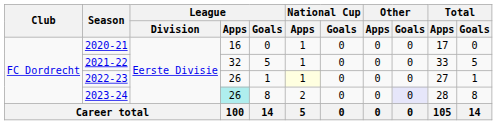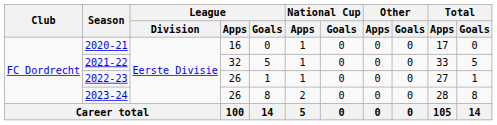 <table class=wikitable style="text-align: center">
 <tr>
 <th rowspan=2>Club</th>
 <th rowspan=2>Season</th>
 <th colspan=3>League</th>
 <th colspan=2>National Cup</th>
 <th colspan=2>Other</th>
 <th colspan=2>Total</th>
 </tr>
 <tr>
 <th>Division</th>
 <th>Apps</th>
 <th>Goals</th>
 <th>Apps</th>
 <th>Goals</th>
 <th>Apps</th>
 <th>Goals</th>
 <th>Apps</th>
 <th>Goals</th>
 </tr>
 <tr>
 <td rowspan=4><a href='#'>FC Dordrecht</a></td>
 <td><a href='#'>2020-21</a></td>
 <td rowspan=4><a href='#'>Eerste Divisie</a></td>
 <td>16</td>
 <td>0</td>
 <td>1</td>
 <td>0</td>
 <td>0</td>
 <td>0</td>
 <td>17</td>
 <td>0</td>
 </tr>
 <tr>
 <td><a href='#'>2021-22</a></td>
 <td>32</td>
 <td>5</td>
 <td>1</td>
 <td>0</td>
 <td>0</td>
 <td>0</td>
 <td>33</td>
 <td>5</td>
 </tr>
 <tr>
 <td><a href='#'>2022-23</a></td>
 <td>26</td>
 <td>1</td>
-<td style="background: lightyellow;">1</td>
+<td>1</td>
 <td>0</td>
 <td>0</td>
 <td>0</td>
 <td>27</td>
 <td>1</td>
 </tr>
 <tr>
 <td><a href='#'>2023-24</a></td>
-<td style="background: paleturquoise;">26</td>
+<td>26</td>
 <td>8</td>
 <td>2</td>
 <td>0</td>
 <td>0</td>
-<td style="background: lavender;">0</td>
+<td>0</td>
 <td>28</td>
 <td>8</td>
 </tr>
 <tr>
 <th colspan=3>Career total</th>
 <th>100</th>
 <th>14</th>
 <th>5</th>
 <th>0</th>
 <th>0</th>
 <th>0</th>
 <th>105</th>
 <th>14</th>
 </tr>
 </table>
